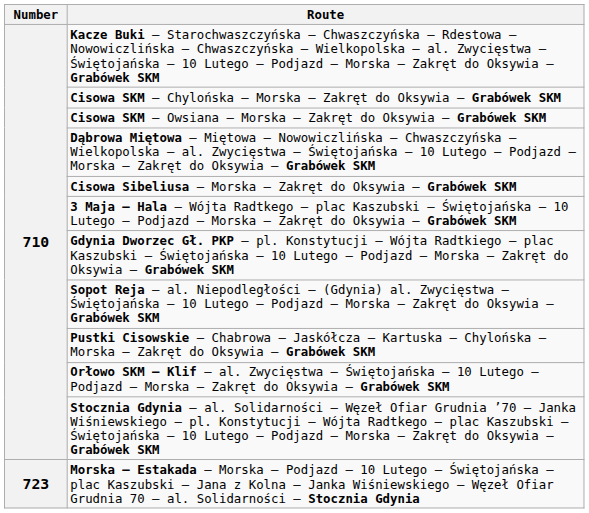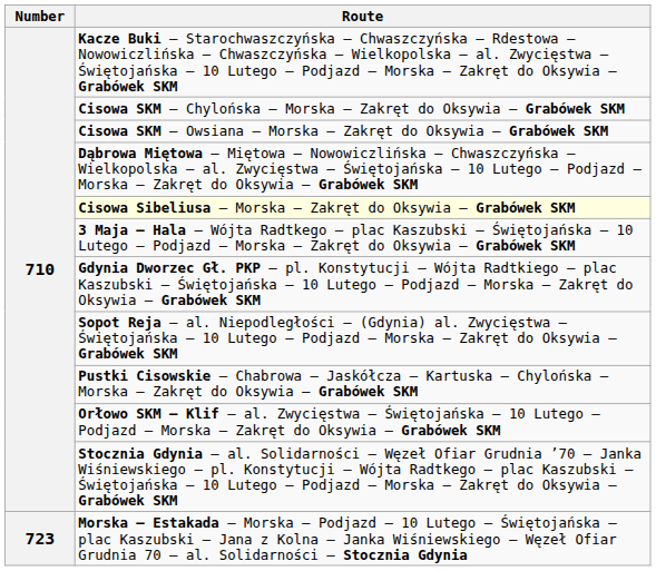 <table class="wikitable" style="text-align:left">
 <tr>
 <th width=60>Number</th>
 <th>Route</th>
 </tr>
 <tr>
 <th rowspan=11><big>710</big><br></th>
 <td><strong>Kacze Buki</strong> – Starochwaszczyńska – Chwaszczyńska – Rdestowa – Nowowiczlińska – Chwaszczyńska – Wielkopolska – al. Zwycięstwa – Świętojańska – 10 Lutego – Podjazd – Morska – Zakręt do Oksywia – <strong>Grabówek SKM</strong></td>
 </tr>
 <tr>
 <td><strong>Cisowa SKM</strong> – Chylońska – Morska – Zakręt do Oksywia – <strong>Grabówek SKM</strong></td>
 </tr>
 <tr>
 <td><strong>Cisowa SKM</strong> – Owsiana – Morska – Zakręt do Oksywia – <strong>Grabówek SKM</strong></td>
 </tr>
 <tr>
 <td><strong>Dąbrowa Miętowa</strong> – Miętowa – Nowowiczlińska – Chwaszczyńska – Wielkopolska – al. Zwycięstwa – Świętojańska – 10 Lutego – Podjazd – Morska – Zakręt do Oksywia – <strong>Grabówek SKM</strong></td>
 </tr>
 <tr>
-<td><strong>Cisowa Sibeliusa</strong> – Morska – Zakręt do Oksywia – <strong>Grabówek SKM</strong></td>
+<td style="background: lightyellow;"><strong>Cisowa Sibeliusa</strong> – Morska – Zakręt do Oksywia – <strong>Grabówek SKM</strong></td>
 </tr>
 <tr>
 <td><strong>3 Maja – Hala</strong> – Wójta Radtkego – plac Kaszubski – Świętojańska – 10 Lutego – Podjazd – Morska – Zakręt do Oksywia – <strong>Grabówek SKM</strong></td>
 </tr>
 <tr>
 <td><strong>Gdynia Dworzec Gł. PKP</strong> – pl. Konstytucji – Wójta Radtkiego – plac Kaszubski – Świętojańska – 10 Lutego – Podjazd – Morska – Zakręt do Oksywia – <strong>Grabówek SKM</strong></td>
 </tr>
 <tr>
 <td><strong>Sopot Reja</strong> – al. Niepodległości – (Gdynia) al. Zwycięstwa – Świętojańska – 10 Lutego – Podjazd – Morska – Zakręt do Oksywia – <strong>Grabówek SKM</strong></td>
 </tr>
 <tr>
 <td><strong>Pustki Cisowskie</strong> – Chabrowa – Jaskółcza – Kartuska – Chylońska – Morska – Zakręt do Oksywia – <strong>Grabówek SKM</strong></td>
 </tr>
 <tr>
 <td><strong>Orłowo SKM – Klif</strong> – al. Zwycięstwa – Świętojańska – 10 Lutego – Podjazd – Morska – Zakręt do Oksywia – <strong>Grabówek SKM</strong></td>
 </tr>
 <tr>
 <td><strong>Stocznia Gdynia</strong> – al. Solidarności – Węzeł Ofiar Grudnia ’70 – Janka Wiśniewskiego – pl. Konstytucji – Wójta Radtkego – plac Kaszubski – Świętojańska – 10 Lutego – Podjazd – Morska – Zakręt do Oksywia – <strong>Grabówek SKM</strong></td>
 </tr>
 <tr>
 <th><big>723</big><br></th>
 <td><strong>Morska – Estakada</strong> – Morska – Podjazd – 10 Lutego – Świętojańska – plac Kaszubski – Jana z Kolna – Janka Wiśniewskiego – Węzeł Ofiar Grudnia 70 – al. Solidarności – <strong>Stocznia Gdynia</strong></td>
 </tr>
 </table>
